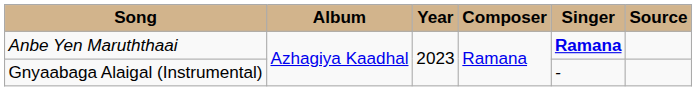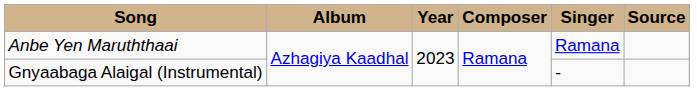 <table class="wikitable">
 <tr>
 <th style="background:#D2B48C">Song</th>
 <th style="background:#D2B48C">Album</th>
 <th style="background:#D2B48C">Year</th>
 <th style="background:#D2B48C">Composer</th>
 <th style="background:#D2B48C">Singer</th>
 <th style="background:#D2B48C">Source</th>
 </tr>
 <tr>
 <td><em>Anbe Yen Maruththaai</em></td>
 <td rowspan="2"><a href='#'>Azhagiya Kaadhal</a></td>
 <td rowspan="2">2023</td>
 <td rowspan="2"><a href='#'>Ramana</a></td>
-<td><strong><a href='#'>Ramana</a></strong></td>
+<td><a href='#'>Ramana</a></td>
 <td></td>
 </tr>
 <tr>
 <td>Gnyaabaga Alaigal (Instrumental)</td>
 <td><em>-</em></td>
 <td></td>
 </tr>
 </table>
